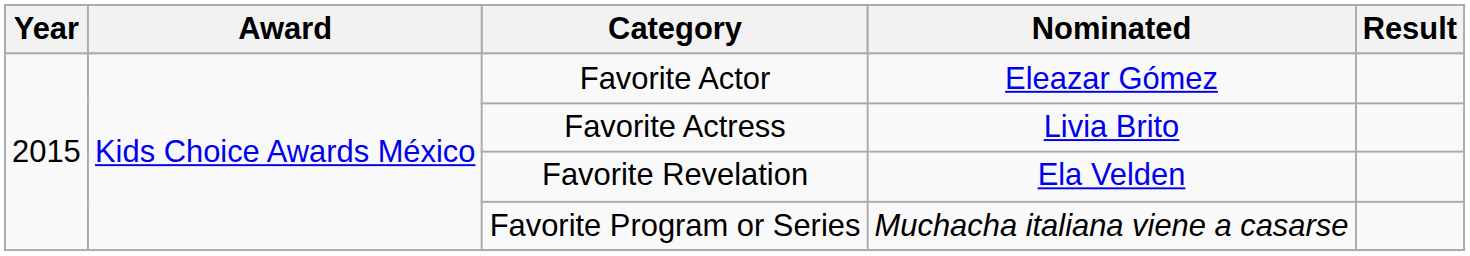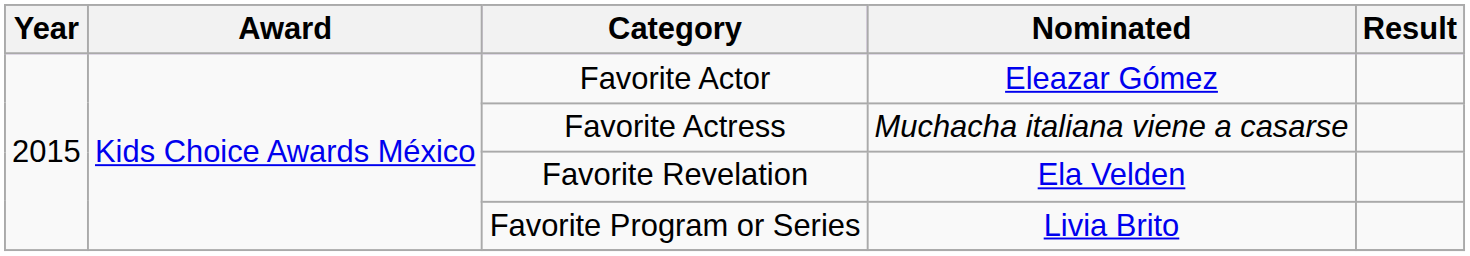 <table class="wikitable plainrowheaders" style="text-align:center;">
 <tr style="background:#96c;">
 <th scope="col">Year</th>
 <th scope="col">Award</th>
 <th scope="col">Category</th>
 <th scope="col">Nominated</th>
 <th scope="col">Result</th>
 </tr>
 <tr>
 <td scope="row" rowspan="5">2015</td>
 <td rowspan="5"><a href='#'>Kids Choice Awards México</a></td>
 <td scope="row">Favorite Actor</td>
 <td rowspan="1"><a href='#'>Eleazar Gómez</a></td>
 <td></td>
 </tr>
 <tr>
 <td scope="row">Favorite Actress</td>
-<td rowspan="1"><a href='#'>Livia Brito</a></td>
+<td rowspan="1"><em>Muchacha italiana viene a casarse</em></td>
 <td></td>
 </tr>
 <tr>
 <td scope="row">Favorite Revelation</td>
 <td rowspan="1"><a href='#'>Ela Velden</a></td>
 <td></td>
 </tr>
 <tr>
 <td scope="row">Favorite Program or Series</td>
-<td rowspan="1"><em>Muchacha italiana viene a casarse</em></td>
+<td rowspan="1"><a href='#'>Livia Brito</a></td>
 <td></td>
 </tr>
 <tr>
 </tr>
 </table>
